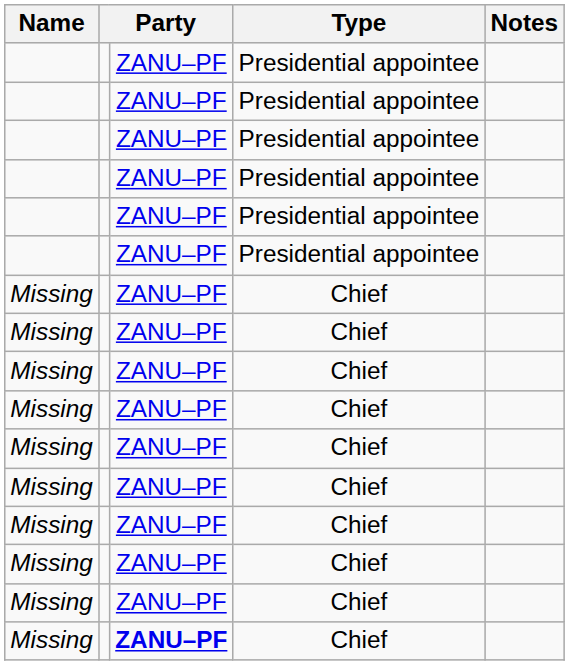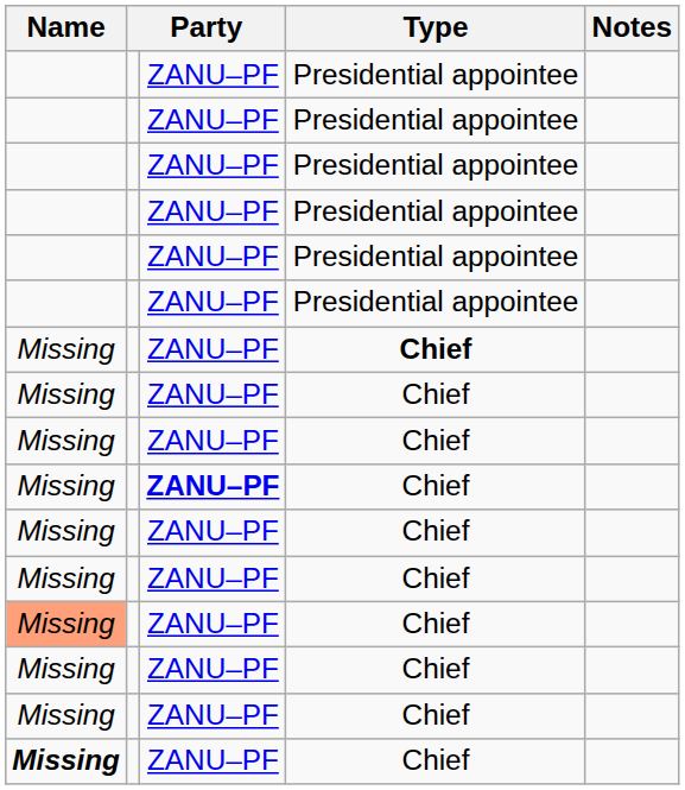 <table class="wikitable sortable" style="text-align:center">
 <tr>
 <th>Name</th>
 <th colspan="2">Party</th>
 <th>Type</th>
 <th>Notes</th>
 </tr>
 <tr>
 <td></td>
 <td style="background-color: "></td>
 <td><a href='#'>ZANU–PF</a></td>
 <td>Presidential appointee</td>
 <td></td>
 </tr>
 <tr>
 <td></td>
 <td style="background-color: "></td>
 <td><a href='#'>ZANU–PF</a></td>
 <td>Presidential appointee</td>
 <td></td>
 </tr>
 <tr>
 <td></td>
 <td style="background-color: "></td>
 <td><a href='#'>ZANU–PF</a></td>
 <td>Presidential appointee</td>
 <td></td>
 </tr>
 <tr>
 <td></td>
 <td style="background-color: "></td>
 <td><a href='#'>ZANU–PF</a></td>
 <td>Presidential appointee</td>
 <td></td>
 </tr>
 <tr>
 <td></td>
 <td style="background-color: "></td>
 <td><a href='#'>ZANU–PF</a></td>
 <td>Presidential appointee</td>
 <td></td>
 </tr>
 <tr>
 <td></td>
 <td style="background-color: "></td>
 <td><a href='#'>ZANU–PF</a></td>
 <td>Presidential appointee</td>
 <td></td>
 </tr>
 <tr>
 <td><em>Missing</em></td>
 <td style="background-color: "></td>
 <td><a href='#'>ZANU–PF</a></td>
-<td>Chief</td>
-<td></td>
-</tr>
-<tr>
-<td><em>Missing</em></td>
-<td style="background-color: "></td>
-<td><a href='#'>ZANU–PF</a></td>
-<td>Chief</td>
-<td></td>
-</tr>
-<tr>
-<td><em>Missing</em></td>
-<td style="background-color: "></td>
-<td><a href='#'>ZANU–PF</a></td>
-<td>Chief</td>
-<td></td>
-</tr>
-<tr>
-<td><em>Missing</em></td>
-<td style="background-color: "></td>
-<td><a href='#'>ZANU–PF</a></td>
-<td>Chief</td>
-<td></td>
-</tr>
-<tr>
-<td><em>Missing</em></td>
-<td style="background-color: "></td>
-<td><a href='#'>ZANU–PF</a></td>
-<td>Chief</td>
-<td></td>
-</tr>
-<tr>
-<td><em>Missing</em></td>
-<td style="background-color: "></td>
-<td><a href='#'>ZANU–PF</a></td>
-<td>Chief</td>
-<td></td>
-</tr>
-<tr>
-<td><em>Missing</em></td>
-<td style="background-color: "></td>
-<td><a href='#'>ZANU–PF</a></td>
-<td>Chief</td>
+<td><strong>Chief</strong></td>
 <td></td>
 </tr>
 <tr>
 <td><em>Missing</em></td>
 <td style="background-color: "></td>
 <td><a href='#'>ZANU–PF</a></td>
 <td>Chief</td>
 <td></td>
 </tr>
 <tr>
 <td><em>Missing</em></td>
 <td style="background-color: "></td>
 <td><a href='#'>ZANU–PF</a></td>
 <td>Chief</td>
 <td></td>
 </tr>
 <tr>
 <td><em>Missing</em></td>
 <td style="background-color: "></td>
 <td><strong><a href='#'>ZANU–PF</a></strong></td>
 <td>Chief</td>
 <td></td>
 </tr>
+<tr>
+<td><em>Missing</em></td>
+<td style="background-color: "></td>
+<td><a href='#'>ZANU–PF</a></td>
+<td>Chief</td>
+<td></td>
+</tr>
+<tr>
+<td><em>Missing</em></td>
+<td style="background-color: "></td>
+<td><a href='#'>ZANU–PF</a></td>
+<td>Chief</td>
+<td></td>
+</tr>
+<tr>
+<td style="background: lightsalmon;"><em>Missing</em></td>
+<td style="background-color: "></td>
+<td><a href='#'>ZANU–PF</a></td>
+<td>Chief</td>
+<td></td>
+</tr>
+<tr>
+<td><em>Missing</em></td>
+<td style="background-color: "></td>
+<td><a href='#'>ZANU–PF</a></td>
+<td>Chief</td>
+<td></td>
+</tr>
+<tr>
+<td><em>Missing</em></td>
+<td style="background-color: "></td>
+<td><a href='#'>ZANU–PF</a></td>
+<td>Chief</td>
+<td></td>
+</tr>
+<tr>
+<td><strong><em>Missing</em></strong></td>
+<td style="background-color: "></td>
+<td><a href='#'>ZANU–PF</a></td>
+<td>Chief</td>
+<td></td>
+</tr>
 </table>
